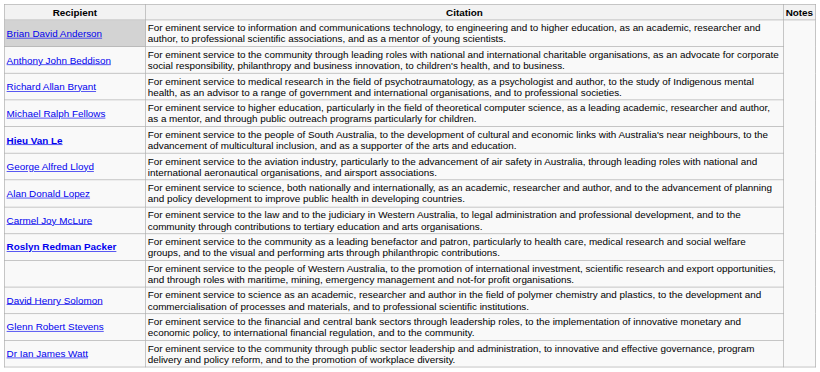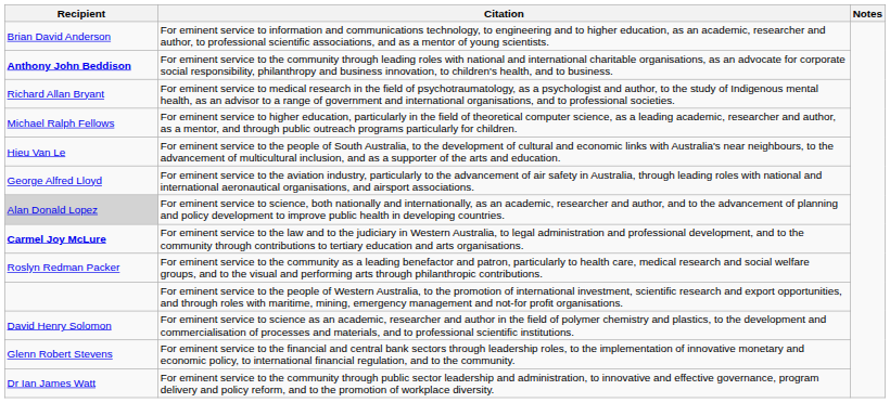 <table class="wikitable" style="font-size:95%;">
 <tr>
 <th width="210">Recipient</th>
 <th>Citation</th>
 <th>Notes</th>
 </tr>
 <tr>
-<td style="background: lightgrey;"> <a href='#'>Brian David Anderson</a> </td>
+<td> <a href='#'>Brian David Anderson</a> </td>
 <td>For eminent service to information and communications technology, to engineering and to higher education, as an academic, researcher and author, to professional scientific associations, and as a mentor of young scientists.</td>
 <td rowspan=13></td>
 </tr>
 <tr>
-<td><a href='#'>Anthony John Beddison</a> </td>
+<td><strong><a href='#'>Anthony John Beddison</a> </strong></td>
 <td>For eminent service to the community through leading roles with national and international charitable organisations, as an advocate for corporate social responsibility, philanthropy and business innovation, to children's health, and to business.</td>
 </tr>
 <tr>
 <td> <a href='#'>Richard Allan Bryant</a></td>
 <td>For eminent service to medical research in the field of psychotraumatology, as a psychologist and author, to the study of Indigenous mental health, as an advisor to a range of government and international organisations, and to professional societies.</td>
 </tr>
 <tr>
 <td> <a href='#'>Michael Ralph Fellows</a></td>
 <td>For eminent service to higher education, particularly in the field of theoretical computer science, as a leading academic, researcher and author, as a mentor, and through public outreach programs particularly for children.</td>
 </tr>
 <tr>
-<td><strong> <a href='#'>Hieu Van Le</a> </strong></td>
+<td> <a href='#'>Hieu Van Le</a> </td>
 <td>For eminent service to the people of South Australia, to the development of cultural and economic links with Australia's near neighbours, to the advancement of multicultural inclusion, and as a supporter of the arts and education.</td>
 </tr>
 <tr>
 <td><a href='#'>George Alfred Lloyd</a> </td>
 <td>For eminent service to the aviation industry, particularly to the advancement of air safety in Australia, through leading roles with national and international aeronautical organisations, and airsport associations.</td>
 </tr>
 <tr>
-<td> <a href='#'>Alan Donald Lopez</a></td>
+<td style="background: lightgrey;"> <a href='#'>Alan Donald Lopez</a></td>
 <td>For eminent service to science, both nationally and internationally, as an academic, researcher and author, and to the advancement of planning and policy development to improve public health in developing countries.</td>
 </tr>
 <tr>
-<td> <a href='#'>Carmel Joy McLure</a></td>
+<td><strong> <a href='#'>Carmel Joy McLure</a></strong></td>
 <td>For eminent service to the law and to the judiciary in Western Australia, to legal administration and professional development, and to the community through contributions to tertiary education and arts organisations.</td>
 </tr>
 <tr>
-<td><strong><a href='#'>Roslyn Redman Packer</a> </strong></td>
+<td><a href='#'>Roslyn Redman Packer</a> </td>
 <td>For eminent service to the community as a leading benefactor and patron, particularly to health care, medical research and social welfare groups, and to the visual and performing arts through philanthropic contributions.</td>
 </tr>
 <tr>
 <td></td>
 <td>For eminent service to the people of Western Australia, to the promotion of international investment, scientific research and export opportunities, and through roles with maritime, mining, emergency management and not-for profit organisations.</td>
 </tr>
 <tr>
 <td> <a href='#'>David Henry Solomon</a> </td>
 <td>For eminent service to science as an academic, researcher and author in the field of polymer chemistry and plastics, to the development and commercialisation of processes and materials, and to professional scientific institutions.</td>
 </tr>
 <tr>
 <td><a href='#'>Glenn Robert Stevens</a></td>
 <td>For eminent service to the financial and central bank sectors through leadership roles, to the implementation of innovative monetary and economic policy, to international financial regulation, and to the community.</td>
 </tr>
 <tr>
 <td><a href='#'>Dr Ian James Watt</a> </td>
 <td>For eminent service to the community through public sector leadership and administration, to innovative and effective governance, program delivery and policy reform, and to the promotion of workplace diversity.</td>
 </tr>
 </table>
